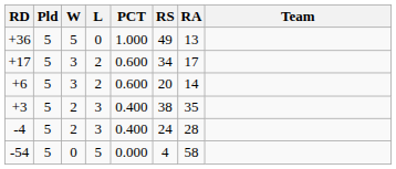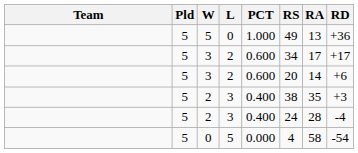 <table class=wikitable style="text-align:center">
 <tr>
-<th width=20>RD</th>
+<th width=200>Team</th>
 <th width=20>Pld</th>
 <th width=20>W</th>
 <th width=20>L</th>
 <th width=40>PCT</th>
 <th width=20>RS</th>
 <th width=20>RA</th>
-<th width=200>Team</th>
+<th width=20>RD</th>
 </tr>
 <tr>
-<td>+36</td>
+<td align=left><strong></strong></td>
 <td>5</td>
 <td>5</td>
 <td>0</td>
 <td>1.000</td>
 <td>49</td>
 <td>13</td>
-<td align=left><strong></strong></td>
+<td>+36</td>
 </tr>
 <tr>
-<td>+17</td>
+<td align=left><strong></strong></td>
 <td>5</td>
 <td>3</td>
 <td>2</td>
 <td>0.600</td>
 <td>34</td>
 <td>17</td>
-<td align=left><strong></strong></td>
+<td>+17</td>
 </tr>
 <tr>
-<td>+6</td>
+<td align=left><strong></strong></td>
 <td>5</td>
 <td>3</td>
 <td>2</td>
 <td>0.600</td>
 <td>20</td>
 <td>14</td>
-<td align=left><strong></strong></td>
+<td>+6</td>
 </tr>
 <tr>
-<td>+3</td>
+<td align=left><strong></strong></td>
 <td>5</td>
 <td>2</td>
 <td>3</td>
 <td>0.400</td>
 <td>38</td>
 <td>35</td>
-<td align=left><strong></strong></td>
+<td>+3</td>
 </tr>
 <tr>
-<td>-4</td>
+<td align=left><strong></strong></td>
 <td>5</td>
 <td>2</td>
 <td>3</td>
 <td>0.400</td>
 <td>24</td>
 <td>28</td>
-<td align=left><strong></strong></td>
+<td>-4</td>
 </tr>
 <tr>
-<td>-54</td>
+<td align=left></td>
 <td>5</td>
 <td>0</td>
 <td>5</td>
 <td>0.000</td>
 <td>4</td>
 <td>58</td>
-<td align=left></td>
+<td>-54</td>
 </tr>
 </table>
